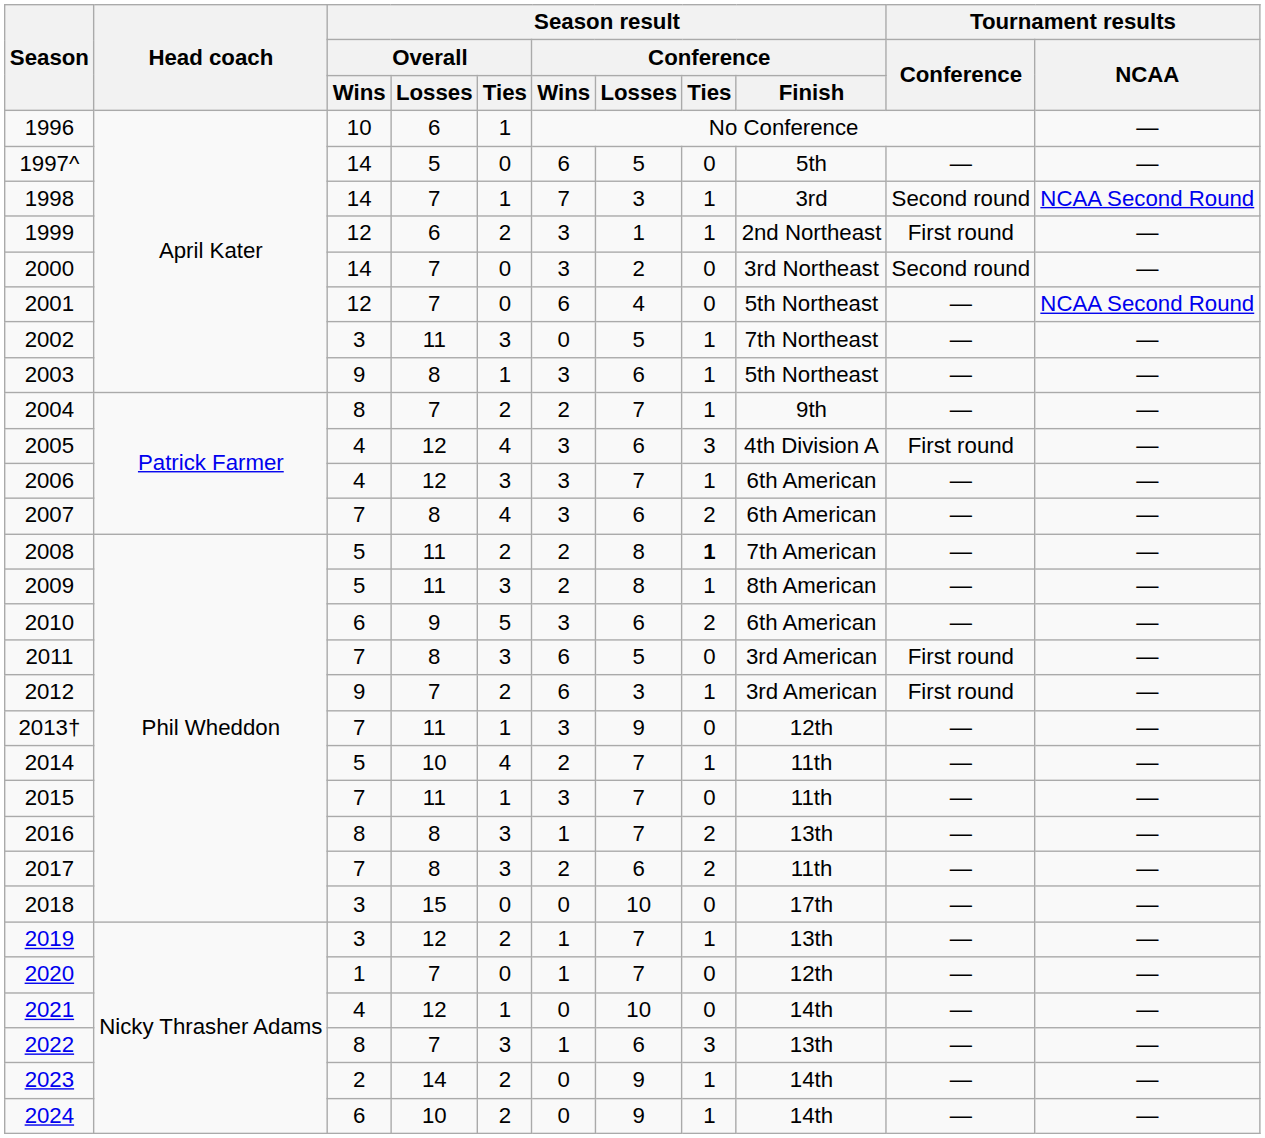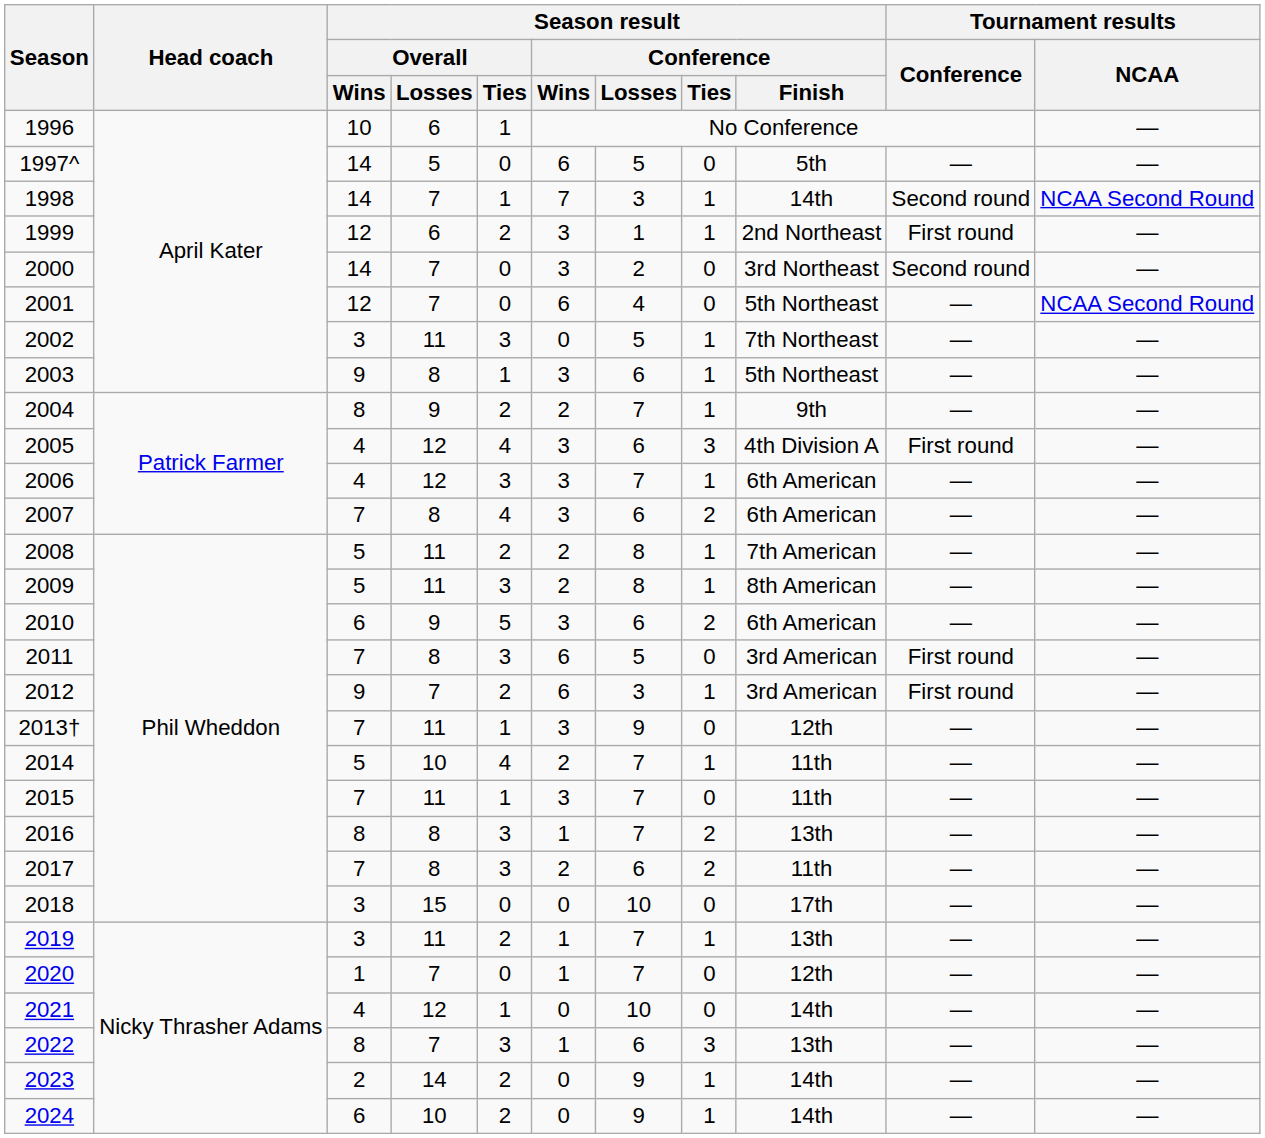 <table class="wikitable" style="font-size: %; text-align:center;">
 <tr>
 <th rowspan=3>Season</th>
 <th rowspan=3>Head coach</th>
 <th colspan=7>Season result</th>
 <th colspan=2>Tournament results</th>
 </tr>
 <tr>
 <th colspan=3>Overall</th>
 <th colspan=4>Conference</th>
 <th rowspan=2>Conference</th>
 <th rowspan=2>NCAA</th>
 </tr>
 <tr>
 <th>Wins</th>
 <th>Losses</th>
 <th>Ties</th>
 <th>Wins</th>
 <th>Losses</th>
 <th>Ties</th>
 <th>Finish</th>
 </tr>
 <tr>
 <td>1996</td>
 <td rowspan=8>April Kater</td>
 <td>10</td>
 <td>6</td>
 <td>1</td>
 <td colspan=5>No Conference</td>
 <td>—</td>
 </tr>
 <tr>
 <td>1997^</td>
 <td>14</td>
 <td>5</td>
 <td>0</td>
 <td>6</td>
 <td>5</td>
 <td>0</td>
 <td>5th</td>
 <td>—</td>
 <td>—</td>
 </tr>
 <tr>
 <td>1998</td>
 <td>14</td>
 <td>7</td>
 <td>1</td>
 <td>7</td>
 <td>3</td>
 <td>1</td>
-<td>3rd</td>
+<td>14th</td>
 <td>Second round</td>
 <td><a href='#'>NCAA Second Round</a></td>
 </tr>
 <tr>
 <td>1999</td>
 <td>12</td>
 <td>6</td>
 <td>2</td>
 <td>3</td>
 <td>1</td>
 <td>1</td>
 <td>2nd Northeast</td>
 <td>First round</td>
 <td>—</td>
 </tr>
 <tr>
 <td>2000</td>
 <td>14</td>
 <td>7</td>
 <td>0</td>
 <td>3</td>
 <td>2</td>
 <td>0</td>
 <td>3rd Northeast</td>
 <td>Second round</td>
 <td>—</td>
 </tr>
 <tr>
 <td>2001</td>
 <td>12</td>
 <td>7</td>
 <td>0</td>
 <td>6</td>
 <td>4</td>
 <td>0</td>
 <td>5th Northeast</td>
 <td>—</td>
 <td><a href='#'>NCAA Second Round</a></td>
 </tr>
 <tr>
 <td>2002</td>
 <td>3</td>
 <td>11</td>
 <td>3</td>
 <td>0</td>
 <td>5</td>
 <td>1</td>
 <td>7th Northeast</td>
 <td>—</td>
 <td>—</td>
 </tr>
 <tr>
 <td>2003</td>
 <td>9</td>
 <td>8</td>
 <td>1</td>
 <td>3</td>
 <td>6</td>
 <td>1</td>
 <td>5th Northeast</td>
 <td>—</td>
 <td>—</td>
 </tr>
 <tr>
 <td>2004</td>
 <td rowspan=4><a href='#'>Patrick Farmer</a></td>
 <td>8</td>
-<td>7</td>
+<td>9</td>
 <td>2</td>
 <td>2</td>
 <td>7</td>
 <td>1</td>
 <td>9th</td>
 <td>—</td>
 <td>—</td>
 </tr>
 <tr>
 <td>2005</td>
 <td>4</td>
 <td>12</td>
 <td>4</td>
 <td>3</td>
 <td>6</td>
 <td>3</td>
 <td>4th Division A</td>
 <td>First round</td>
 <td>—</td>
 </tr>
 <tr>
 <td>2006</td>
 <td>4</td>
 <td>12</td>
 <td>3</td>
 <td>3</td>
 <td>7</td>
 <td>1</td>
 <td>6th American</td>
 <td>—</td>
 <td>—</td>
 </tr>
 <tr>
 <td>2007</td>
 <td>7</td>
 <td>8</td>
 <td>4</td>
 <td>3</td>
 <td>6</td>
 <td>2</td>
 <td>6th American</td>
 <td>—</td>
 <td>—</td>
 </tr>
 <tr>
 <td>2008</td>
 <td rowspan=11>Phil Wheddon</td>
 <td>5</td>
 <td>11</td>
 <td>2</td>
 <td>2</td>
 <td>8</td>
-<td><strong>1</strong></td>
+<td>1</td>
 <td>7th American</td>
 <td>—</td>
 <td>—</td>
 </tr>
 <tr>
 <td>2009</td>
 <td>5</td>
 <td>11</td>
 <td>3</td>
 <td>2</td>
 <td>8</td>
 <td>1</td>
 <td>8th American</td>
 <td>—</td>
 <td>—</td>
 </tr>
 <tr>
 <td>2010</td>
 <td>6</td>
 <td>9</td>
 <td>5</td>
 <td>3</td>
 <td>6</td>
 <td>2</td>
 <td>6th American</td>
 <td>—</td>
 <td>—</td>
 </tr>
 <tr>
 <td>2011</td>
 <td>7</td>
 <td>8</td>
 <td>3</td>
 <td>6</td>
 <td>5</td>
 <td>0</td>
 <td>3rd American</td>
 <td>First round</td>
 <td>—</td>
 </tr>
 <tr>
 <td>2012</td>
 <td>9</td>
 <td>7</td>
 <td>2</td>
 <td>6</td>
 <td>3</td>
 <td>1</td>
 <td>3rd American</td>
 <td>First round</td>
 <td>—</td>
 </tr>
 <tr>
 <td>2013†</td>
 <td>7</td>
 <td>11</td>
 <td>1</td>
 <td>3</td>
 <td>9</td>
 <td>0</td>
 <td>12th</td>
 <td>—</td>
 <td>—</td>
 </tr>
 <tr>
 <td>2014</td>
 <td>5</td>
 <td>10</td>
 <td>4</td>
 <td>2</td>
 <td>7</td>
 <td>1</td>
 <td>11th</td>
 <td>—</td>
 <td>—</td>
 </tr>
 <tr>
 <td>2015</td>
 <td>7</td>
 <td>11</td>
 <td>1</td>
 <td>3</td>
 <td>7</td>
 <td>0</td>
 <td>11th</td>
 <td>—</td>
 <td>—</td>
 </tr>
 <tr>
 <td>2016</td>
 <td>8</td>
 <td>8</td>
 <td>3</td>
 <td>1</td>
 <td>7</td>
 <td>2</td>
 <td>13th</td>
 <td>—</td>
 <td>—</td>
 </tr>
 <tr>
 <td>2017</td>
 <td>7</td>
 <td>8</td>
 <td>3</td>
 <td>2</td>
 <td>6</td>
 <td>2</td>
 <td>11th</td>
 <td>—</td>
 <td>—</td>
 </tr>
 <tr>
 <td>2018</td>
 <td>3</td>
 <td>15</td>
 <td>0</td>
 <td>0</td>
 <td>10</td>
 <td>0</td>
 <td>17th</td>
 <td>—</td>
 <td>—</td>
 </tr>
 <tr>
 <td><a href='#'>2019</a></td>
 <td rowspan=6>Nicky Thrasher Adams</td>
 <td>3</td>
-<td>12</td>
+<td>11</td>
 <td>2</td>
 <td>1</td>
 <td>7</td>
 <td>1</td>
 <td>13th</td>
 <td>—</td>
 <td>—</td>
 </tr>
 <tr>
 <td><a href='#'>2020</a></td>
 <td>1</td>
 <td>7</td>
 <td>0</td>
 <td>1</td>
 <td>7</td>
 <td>0</td>
 <td>12th</td>
 <td>—</td>
 <td>—</td>
 </tr>
 <tr>
 <td><a href='#'>2021</a></td>
 <td>4</td>
 <td>12</td>
 <td>1</td>
 <td>0</td>
 <td>10</td>
 <td>0</td>
 <td>14th</td>
 <td>—</td>
 <td>—</td>
 </tr>
 <tr>
 <td><a href='#'>2022</a></td>
 <td>8</td>
 <td>7</td>
 <td>3</td>
 <td>1</td>
 <td>6</td>
 <td>3</td>
 <td>13th</td>
 <td>—</td>
 <td>—</td>
 </tr>
 <tr>
 <td><a href='#'>2023</a></td>
 <td>2</td>
 <td>14</td>
 <td>2</td>
 <td>0</td>
 <td>9</td>
 <td>1</td>
 <td>14th</td>
 <td>—</td>
 <td>—</td>
 </tr>
 <tr>
 <td><a href='#'>2024</a></td>
 <td>6</td>
 <td>10</td>
 <td>2</td>
 <td>0</td>
 <td>9</td>
 <td>1</td>
 <td>14th</td>
 <td>—</td>
 <td>—</td>
 </tr>
 </table>
